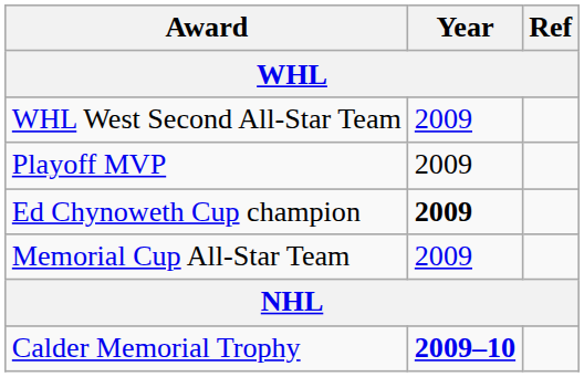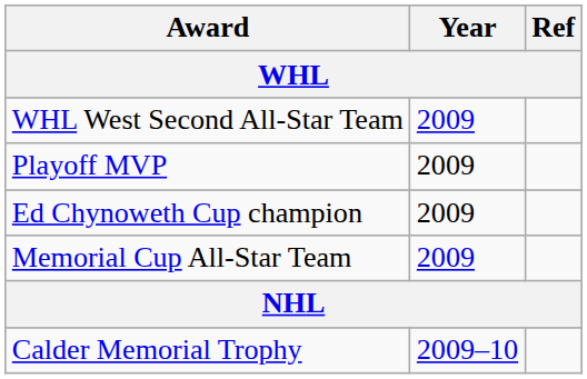 <table class="wikitable">
 <tr>
 <th>Award</th>
 <th>Year</th>
 <th>Ref</th>
 </tr>
 <tr>
 <th colspan="3"><a href='#'>WHL</a></th>
 </tr>
 <tr>
 <td><a href='#'>WHL</a> West Second All-Star Team</td>
 <td><a href='#'>2009</a></td>
 <td></td>
 </tr>
 <tr>
 <td><a href='#'>Playoff MVP</a></td>
 <td>2009</td>
 <td></td>
 </tr>
 <tr>
 <td><a href='#'>Ed Chynoweth Cup</a> champion</td>
-<td><strong>2009</strong></td>
+<td>2009</td>
 <td></td>
 </tr>
 <tr>
 <td><a href='#'>Memorial Cup</a> All-Star Team</td>
 <td><a href='#'>2009</a></td>
 <td></td>
 </tr>
 <tr>
 <th colspan="3"><a href='#'>NHL</a></th>
 </tr>
 <tr>
 <td><a href='#'>Calder Memorial Trophy</a></td>
-<td><strong><a href='#'>2009–10</a></strong></td>
+<td><a href='#'>2009–10</a></td>
 <td></td>
 </tr>
 </table>
